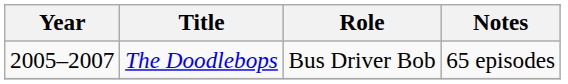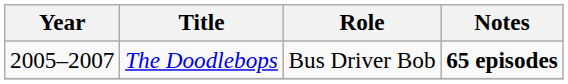 <table class="wikitable sortable">
 <tr>
 <th>Year</th>
 <th>Title</th>
 <th>Role</th>
 <th>Notes</th>
 </tr>
 <tr>
 <td>2005–2007</td>
 <td><em><a href='#'>The Doodlebops</a></em></td>
 <td>Bus Driver Bob</td>
-<td>65 episodes</td>
+<td><strong>65 episodes</strong></td>
 </tr>
 <tr>
 </tr>
 </table>
